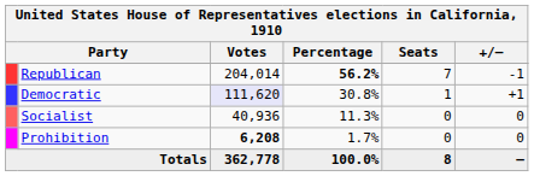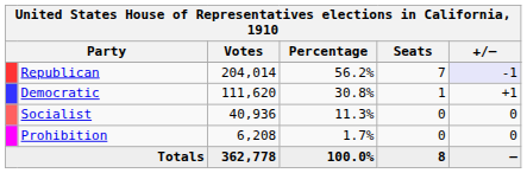 <table class="wikitable" style="font-size: 95%;">
 <tr>
 <th colspan="6">United States House of Representatives elections in California, 1910</th>
 </tr>
 <tr>
 <th colspan=2 style="width: 15em">Party</th>
 <th style="width: 5em">Votes</th>
 <th style="width: 7em">Percentage</th>
 <th style="width: 5em">Seats</th>
 <th style="width: 5em">+/–</th>
 </tr>
 <tr>
 </tr>
 <tr>
 <th style="background-color:#FF3333; width: 3px"></th>
 <td style="width: 130px"><a href='#'>Republican</a></td>
 <td style="text-align:right;">204,014</td>
-<td style="text-align:right;"><strong>56.2%</strong></td>
+<td style="text-align:right;">56.2%</td>
 <td style="text-align:right;">7</td>
-<td style="text-align:right;">-1</td>
+<td style="background: lavender; text-align:right;">-1</td>
 </tr>
 <tr>
 <th style="background-color:#3333FF; width: 3px"></th>
 <td style="width: 130px"><a href='#'>Democratic</a></td>
-<td style="background: lavender; text-align:right;">111,620</td>
+<td style="text-align:right;">111,620</td>
 <td style="text-align:right;">30.8%</td>
 <td style="text-align:right;">1</td>
 <td style="text-align:right;">+1</td>
 </tr>
 <tr>
 <th style="background-color:#FF6060; width: 3px"></th>
 <td style="width: 130px"><a href='#'>Socialist</a></td>
 <td style="text-align:right;">40,936</td>
 <td style="text-align:right;">11.3%</td>
 <td style="text-align:right;">0</td>
 <td style="text-align:right;">0</td>
 </tr>
 <tr>
 <th style="background-color:#FF00FF; width: 3px"></th>
 <td style="width: 130px"><a href='#'>Prohibition</a></td>
-<td style="text-align:right;"><strong>6,208</strong></td>
+<td style="text-align:right;">6,208</td>
 <td style="text-align:right;">1.7%</td>
 <td style="text-align:right;">0</td>
 <td style="text-align:right;">0</td>
 </tr>
 <tr style="background-color:#EEEEEE;">
 <td colspan="2" align="right"><strong>Totals</strong></td>
 <td style="text-align:right;"><strong>362,778</strong></td>
 <td style="text-align:right;"><strong>100.0%</strong></td>
 <td style="text-align:right;"><strong>8</strong></td>
 <td style="text-align:right;"><strong>—</strong></td>
 </tr>
 </table>
